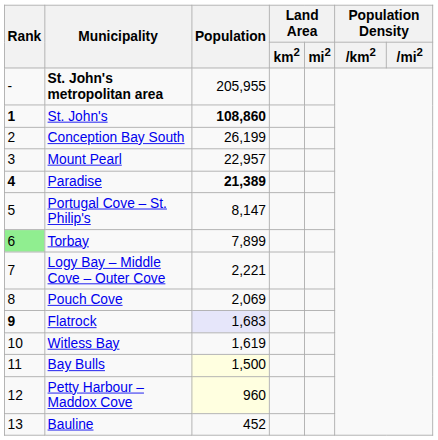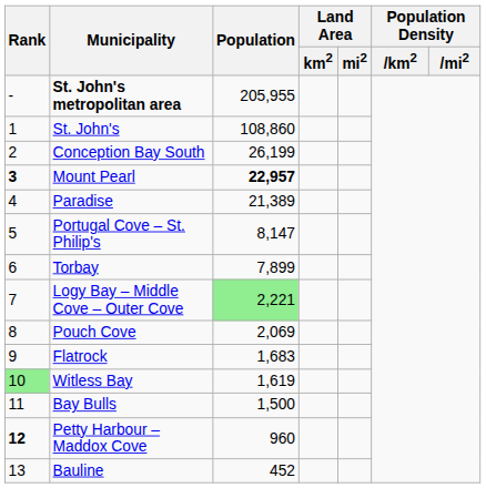 <table class="wikitable" align="left" width="80%">
 <tr>
 <th rowspan=2>Rank</th>
 <th rowspan=2>Municipality</th>
 <th rowspan=2>Population</th>
 <th colspan=2>Land Area</th>
 <th colspan=2>Population Density</th>
 </tr>
 <tr>
 <th>km<sup>2</sup></th>
 <th>mi<sup>2</sup></th>
 <th>/km<sup>2</sup></th>
 <th>/mi<sup>2</sup></th>
 </tr>
 <tr>
 <td>-</td>
 <td><strong>St. John's metropolitan area</strong></td>
 <td align="right">205,955</td>
 <td></td>
 <td></td>
 </tr>
 <tr>
-<td><strong>1</strong></td>
+<td>1</td>
 <td><a href='#'>St. John's</a></td>
-<td align="right"><strong>108,860</strong></td>
+<td align="right">108,860</td>
 <td></td>
 <td></td>
 </tr>
 <tr>
 <td>2</td>
 <td><a href='#'>Conception Bay South</a></td>
 <td align="right">26,199</td>
 <td></td>
 <td></td>
 </tr>
 <tr>
-<td>3</td>
+<td><strong>3</strong></td>
 <td><a href='#'>Mount Pearl</a></td>
-<td align="right">22,957</td>
+<td align="right"><strong>22,957</strong></td>
 <td></td>
 <td></td>
 </tr>
 <tr>
-<td><strong>4</strong></td>
+<td>4</td>
 <td><a href='#'>Paradise</a></td>
-<td align="right"><strong>21,389</strong></td>
+<td align="right">21,389</td>
 <td></td>
 <td></td>
 </tr>
 <tr>
 <td>5</td>
 <td><a href='#'>Portugal Cove – St. Philip's</a></td>
 <td align="right">8,147</td>
 <td></td>
 <td></td>
 </tr>
 <tr>
-<td style="background: lightgreen;">6</td>
+<td>6</td>
 <td><a href='#'>Torbay</a></td>
 <td align="right">7,899</td>
 <td></td>
 <td></td>
 </tr>
 <tr>
 <td>7</td>
 <td><a href='#'>Logy Bay – Middle Cove – Outer Cove</a></td>
-<td align="right">2,221</td>
+<td align="right" style="background: lightgreen;">2,221</td>
 <td></td>
 <td></td>
 </tr>
 <tr>
 <td>8</td>
 <td><a href='#'>Pouch Cove</a></td>
 <td align="right">2,069</td>
 <td></td>
 <td></td>
 </tr>
 <tr>
-<td><strong>9</strong></td>
+<td>9</td>
 <td><a href='#'>Flatrock</a></td>
-<td align="right" style="background: lavender;">1,683</td>
+<td align="right">1,683</td>
 <td></td>
 <td></td>
 </tr>
 <tr>
-<td>10</td>
+<td style="background: lightgreen;">10</td>
 <td><a href='#'>Witless Bay</a></td>
 <td align="right">1,619</td>
 <td></td>
 <td></td>
 </tr>
 <tr>
 <td>11</td>
 <td><a href='#'>Bay Bulls</a></td>
-<td align="right" style="background: lightyellow;">1,500</td>
+<td align="right">1,500</td>
 <td></td>
 <td></td>
 </tr>
 <tr>
-<td>12</td>
+<td><strong>12</strong></td>
 <td><a href='#'>Petty Harbour – Maddox Cove</a></td>
-<td align="right" style="background: lightyellow;">960</td>
+<td align="right">960</td>
 <td></td>
 <td></td>
 </tr>
 <tr>
 <td>13</td>
 <td><a href='#'>Bauline</a></td>
 <td align="right">452</td>
 <td></td>
 <td></td>
 </tr>
 </table>
